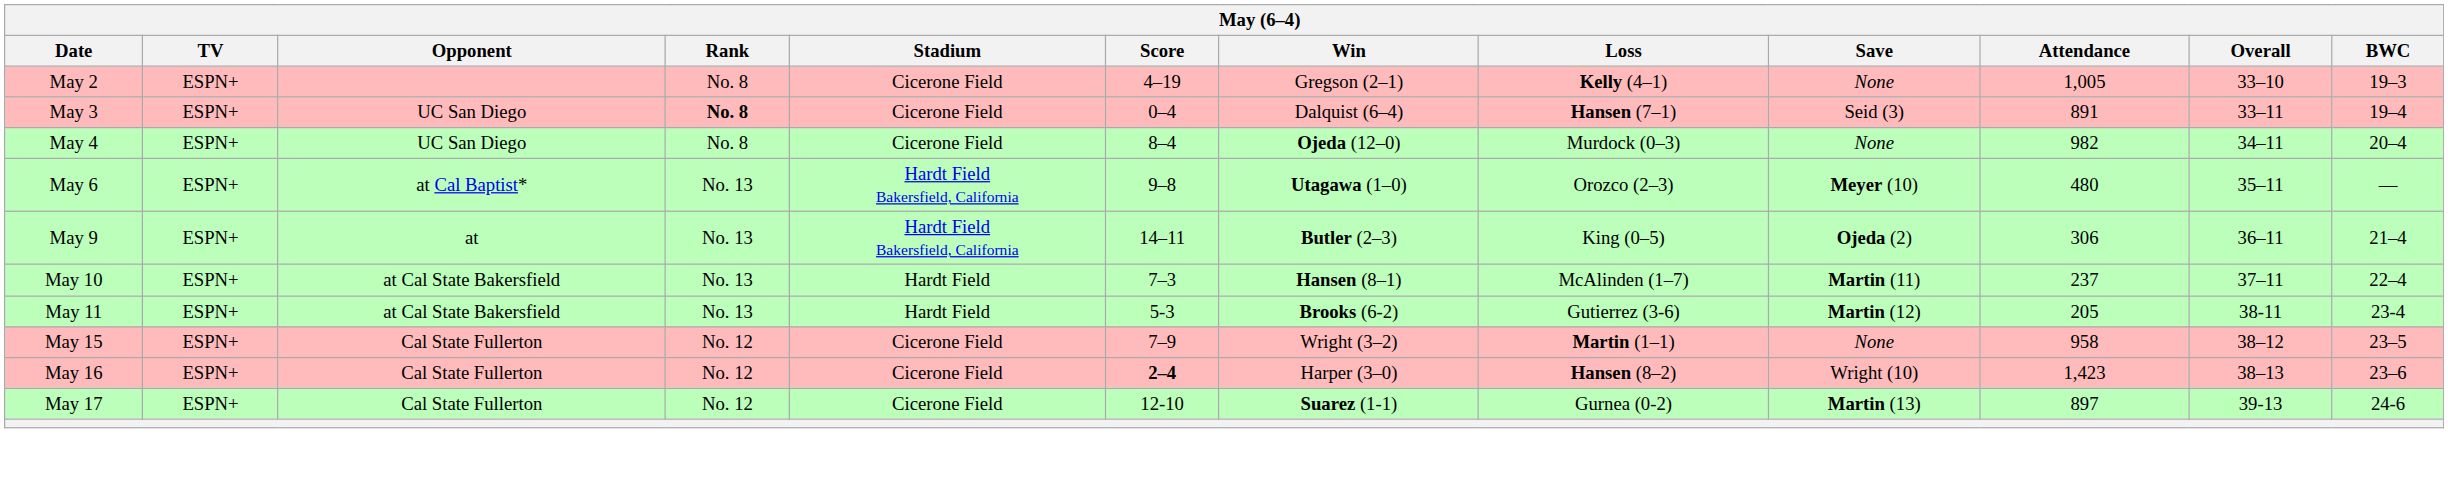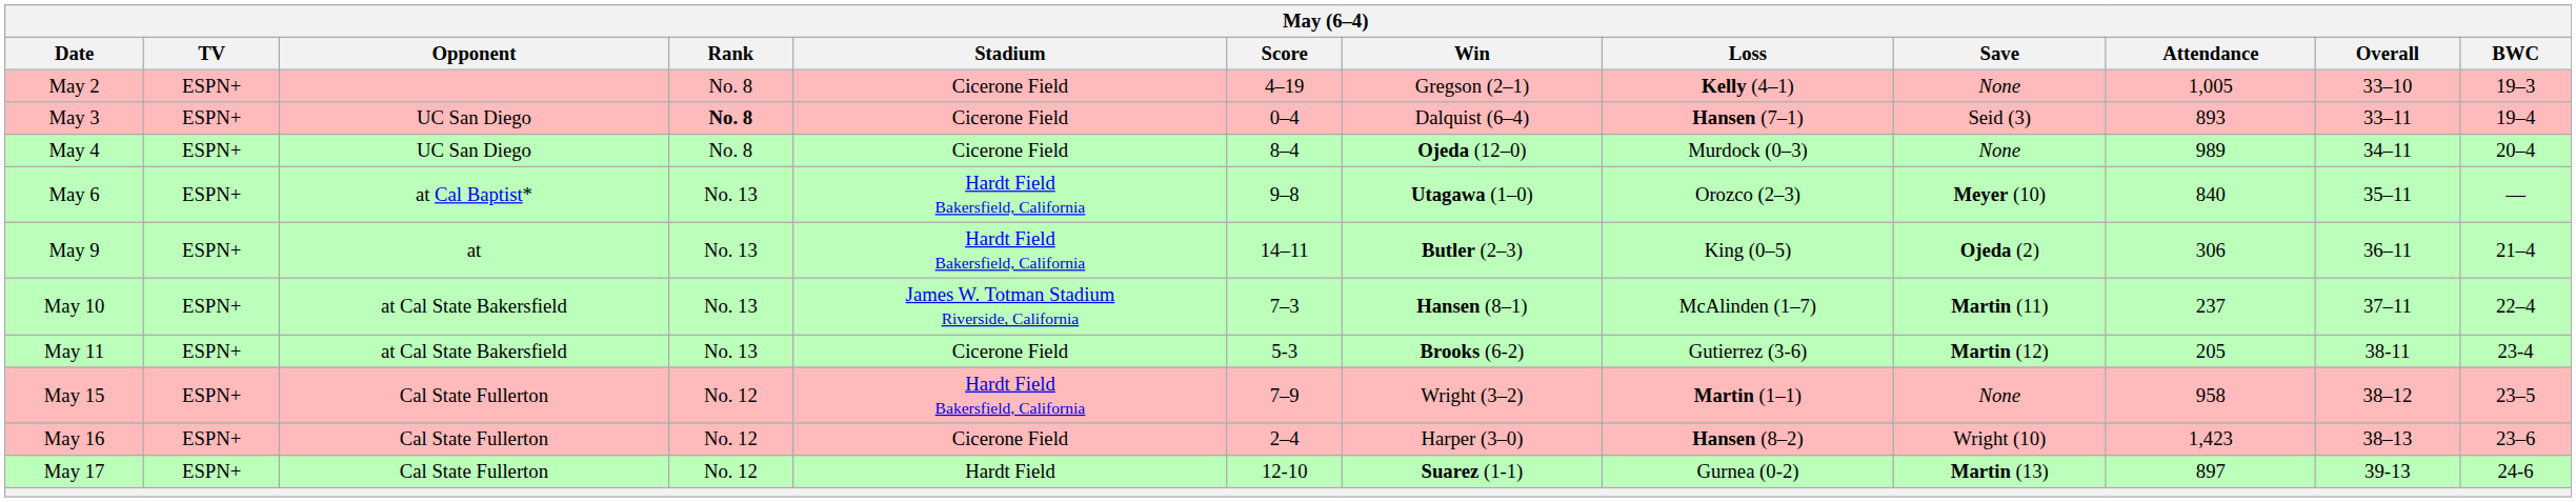 <table class="wikitable collapsible collapsed" style="margin:auto; width:100%; text-align:center; font-size:95%">
 <tr>
 <th colspan=12 style="padding-left:4em;">May (6–4)</th>
 </tr>
 <tr>
 <th bgcolor="#DDDDFF">Date</th>
 <th bgcolor="#DDDDFF">TV</th>
 <th bgcolor="#DDDDFF">Opponent</th>
 <th bgcolor="#DDDDFF">Rank</th>
 <th bgcolor="#DDDDFF">Stadium</th>
 <th bgcolor="#DDDDFF">Score</th>
 <th bgcolor="#DDDDFF">Win</th>
 <th bgcolor="#DDDDFF">Loss</th>
 <th bgcolor="#DDDDFF">Save</th>
 <th bgcolor="#DDDDFF">Attendance</th>
 <th bgcolor="#DDDDFF">Overall</th>
 <th bgcolor="#DDDDFF">BWC</th>
 </tr>
 <tr bgcolor="ffbbbb">
 <td>May 2</td>
 <td>ESPN+</td>
 <td></td>
 <td>No. 8</td>
 <td>Cicerone Field</td>
 <td>4–19</td>
 <td>Gregson (2–1)</td>
 <td><strong>Kelly</strong> (4–1)</td>
 <td><em>None</em></td>
 <td>1,005</td>
 <td>33–10</td>
 <td>19–3</td>
 </tr>
 <tr bgcolor="ffbbbb">
 <td>May 3</td>
 <td>ESPN+</td>
 <td>UC San Diego</td>
 <td><strong>No. 8</strong></td>
 <td>Cicerone Field</td>
 <td>0–4</td>
 <td>Dalquist (6–4)</td>
 <td><strong>Hansen</strong> (7–1)</td>
 <td>Seid (3)</td>
-<td>891</td>
+<td>893</td>
 <td>33–11</td>
 <td>19–4</td>
 </tr>
 <tr bgcolor="bbffbb">
 <td>May 4</td>
 <td>ESPN+</td>
 <td>UC San Diego</td>
 <td>No. 8</td>
 <td>Cicerone Field</td>
 <td>8–4</td>
 <td><strong>Ojeda</strong> (12–0)</td>
 <td>Murdock (0–3)</td>
 <td><em>None</em></td>
-<td>982</td>
+<td>989</td>
 <td>34–11</td>
 <td>20–4</td>
 </tr>
 <tr bgcolor="bbffbb">
 <td>May 6</td>
 <td>ESPN+</td>
 <td>at <a href='#'>Cal Baptist</a>*</td>
 <td>No. 13</td>
 <td><a href='#'>Hardt Field</a><br><small><a href='#'>Bakersfield, California</a></small></td>
 <td>9–8</td>
 <td><strong>Utagawa</strong> (1–0)</td>
 <td>Orozco (2–3)</td>
 <td><strong>Meyer</strong> (10)</td>
-<td>480</td>
+<td>840</td>
 <td>35–11</td>
 <td>—</td>
 </tr>
 <tr bgcolor="bbffbb">
 <td>May 9</td>
 <td>ESPN+</td>
 <td>at </td>
 <td>No. 13</td>
 <td><a href='#'>Hardt Field</a><br><small><a href='#'>Bakersfield, California</a></small></td>
 <td>14–11</td>
 <td><strong>Butler</strong> (2–3)</td>
 <td>King (0–5)</td>
 <td><strong>Ojeda</strong> (2)</td>
 <td>306</td>
 <td>36–11</td>
 <td>21–4</td>
 </tr>
 <tr bgcolor="bbffbb">
 <td>May 10</td>
 <td>ESPN+</td>
 <td>at Cal State Bakersfield</td>
 <td>No. 13</td>
-<td>Hardt Field</td>
+<td><a href='#'>James W. Totman Stadium</a> <br><small><a href='#'>Riverside, California</a></small></td>
 <td>7–3</td>
 <td><strong>Hansen</strong> (8–1)</td>
 <td>McAlinden (1–7)</td>
 <td><strong>Martin</strong> (11)</td>
 <td>237</td>
 <td>37–11</td>
 <td>22–4</td>
 </tr>
 <tr bgcolor="bbffbb">
 <td>May 11</td>
 <td>ESPN+</td>
 <td>at Cal State Bakersfield</td>
 <td>No. 13</td>
-<td>Hardt Field</td>
+<td>Cicerone Field</td>
 <td>5-3</td>
 <td><strong>Brooks</strong> (6-2)</td>
 <td>Gutierrez (3-6)</td>
 <td><strong>Martin</strong> (12)</td>
 <td>205</td>
 <td>38-11</td>
 <td>23-4</td>
 </tr>
 <tr bgcolor="ffbbbb">
 <td>May 15</td>
 <td>ESPN+</td>
 <td>Cal State Fullerton</td>
 <td>No. 12</td>
-<td>Cicerone Field</td>
+<td><a href='#'>Hardt Field</a><br><small><a href='#'>Bakersfield, California</a></small></td>
 <td>7–9</td>
 <td>Wright (3–2)</td>
 <td><strong>Martin</strong> (1–1)</td>
 <td><em>None</em></td>
 <td>958</td>
 <td>38–12</td>
 <td>23–5</td>
 </tr>
 <tr bgcolor="ffbbbb">
 <td>May 16</td>
 <td>ESPN+</td>
 <td>Cal State Fullerton</td>
 <td>No. 12</td>
 <td>Cicerone Field</td>
-<td><strong>2–4</strong></td>
+<td>2–4</td>
 <td>Harper (3–0)</td>
 <td><strong>Hansen</strong> (8–2)</td>
 <td>Wright (10)</td>
 <td>1,423</td>
 <td>38–13</td>
 <td>23–6</td>
 </tr>
 <tr bgcolor="bbffbb">
 <td>May 17</td>
 <td>ESPN+</td>
 <td>Cal State Fullerton</td>
 <td>No. 12</td>
-<td>Cicerone Field</td>
+<td>Hardt Field</td>
 <td>12-10</td>
 <td><strong>Suarez</strong> (1-1)</td>
 <td>Gurnea (0-2)</td>
 <td><strong>Martin</strong> (13)</td>
 <td>897</td>
 <td>39-13</td>
 <td>24-6</td>
 </tr>
 <tr>
 <th colspan=14 style="padding-left:4em;"></th>
 </tr>
 </table>
